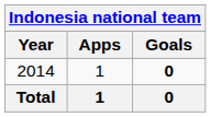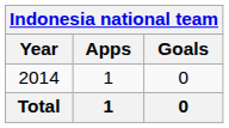 <table class="wikitable" style="text-align:center">
 <tr>
 <th colspan=3><a href='#'>Indonesia national team</a></th>
 </tr>
 <tr>
 <th>Year</th>
 <th>Apps</th>
 <th>Goals</th>
 </tr>
 <tr>
 <td>2014</td>
 <td>1</td>
-<td><strong>0</strong></td>
+<td>0</td>
 </tr>
 <tr>
 <th>Total</th>
 <th>1</th>
 <th>0</th>
 </tr>
 </table>
